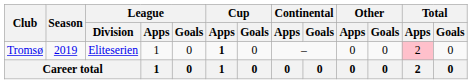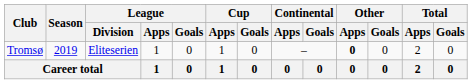 <table class="wikitable" style="text-align: center">
 <tr>
 <th rowspan="2">Club</th>
 <th rowspan="2">Season</th>
 <th colspan="3">League</th>
 <th colspan="2">Cup</th>
 <th colspan="2">Continental</th>
 <th colspan="2">Other</th>
 <th colspan="2">Total</th>
 </tr>
 <tr>
 <th>Division</th>
 <th>Apps</th>
 <th>Goals</th>
 <th>Apps</th>
 <th>Goals</th>
 <th>Apps</th>
 <th>Goals</th>
 <th>Apps</th>
 <th>Goals</th>
 <th>Apps</th>
 <th>Goals</th>
 </tr>
 <tr>
 <td><a href='#'>Tromsø</a></td>
 <td><a href='#'>2019</a></td>
 <td><a href='#'>Eliteserien</a></td>
 <td>1</td>
 <td>0</td>
-<td><strong>1</strong></td>
+<td>1</td>
 <td>0</td>
 <td colspan="2">–</td>
+<td><strong>0</strong></td>
 <td>0</td>
-<td>0</td>
-<td style="background: pink;">2</td>
+<td>2</td>
 <td>0</td>
 </tr>
 <tr>
 <th colspan="3"><strong>Career total</strong></th>
 <th>1</th>
 <th>0</th>
 <th>1</th>
 <th>0</th>
 <th>0</th>
 <th>0</th>
 <th>0</th>
 <th>0</th>
 <th>2</th>
 <th>0</th>
 </tr>
 </table>
